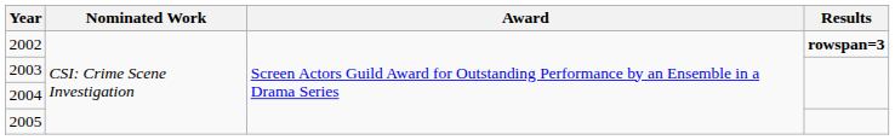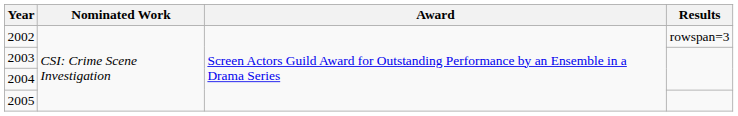 <table class="wikitable sortable">
 <tr>
 <th>Year</th>
 <th>Nominated Work</th>
 <th>Award</th>
 <th>Results</th>
 </tr>
 <tr>
 <td>2002</td>
 <td rowspan=4><em>CSI: Crime Scene Investigation</em></td>
 <td rowspan=4><a href='#'>Screen Actors Guild Award for Outstanding Performance by an Ensemble in a Drama Series</a></td>
-<td><strong>rowspan=3 </strong></td>
+<td>rowspan=3 </td>
 </tr>
 <tr>
 <td>2003</td>
 </tr>
 <tr>
 <td>2004</td>
 </tr>
 <tr>
 <td>2005</td>
 <td></td>
 </tr>
 </table>
